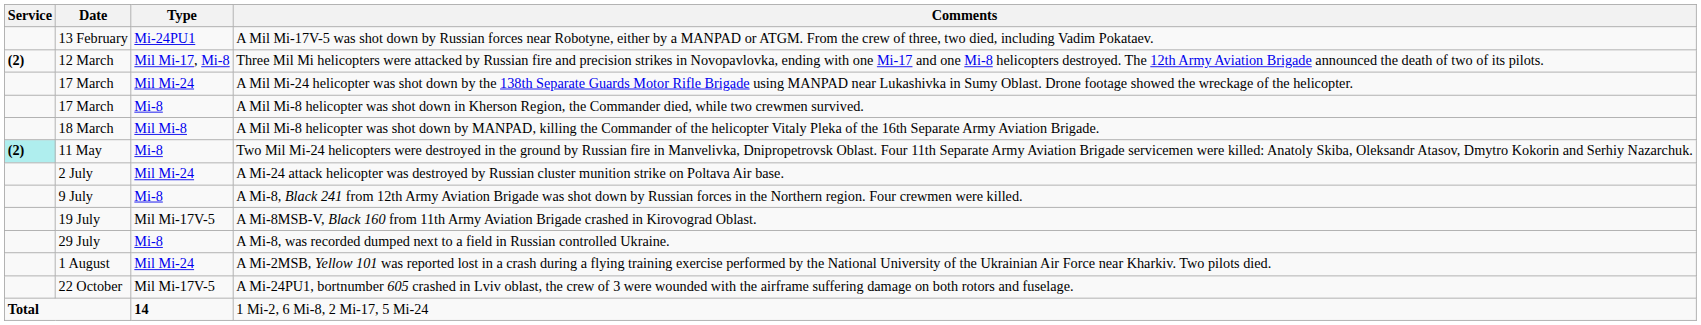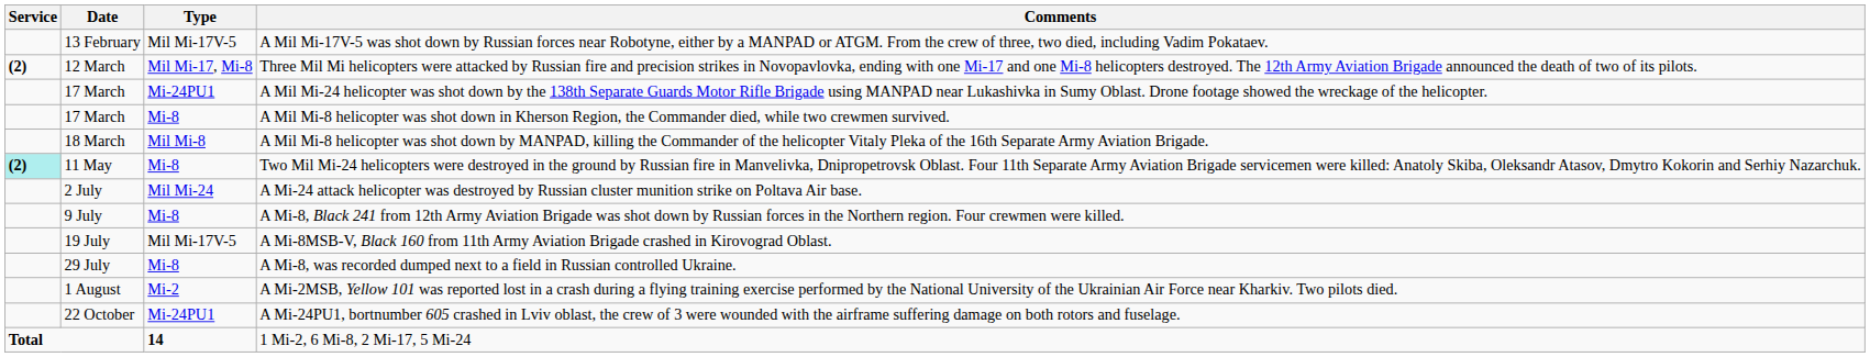 <table class="wikitable">
 <tr>
 <th>Service</th>
 <th>Date</th>
 <th>Type</th>
 <th>Comments</th>
 </tr>
 <tr>
 <td></td>
 <td>13 February</td>
-<td><a href='#'>Mi-24PU1</a></td>
+<td>Mil Mi-17V-5</td>
 <td>A Mil Mi-17V-5 was shot down by Russian forces near Robotyne, either by a MANPAD or ATGM. From the crew of three, two died, including Vadim Pokataev.</td>
 </tr>
 <tr>
 <td> <strong>(2)</strong></td>
 <td>12 March</td>
 <td><a href='#'>Mil Mi-17</a>, <a href='#'>Mi-8</a></td>
 <td>Three Mil Mi helicopters were attacked by Russian fire and precision strikes in Novopavlovka, ending with one <a href='#'>Mi-17</a> and one <a href='#'>Mi-8</a> helicopters destroyed. The <a href='#'>12th Army Aviation Brigade</a> announced the death of two of its pilots.</td>
 </tr>
 <tr>
 <td></td>
 <td>17 March</td>
-<td><a href='#'>Mil Mi-24</a></td>
+<td><a href='#'>Mi-24PU1</a></td>
 <td>A Mil Mi-24 helicopter was shot down by the <a href='#'>138th Separate Guards Motor Rifle Brigade</a> using MANPAD near Lukashivka in Sumy Oblast. Drone footage showed the wreckage of the helicopter.</td>
 </tr>
 <tr>
 <td></td>
 <td>17 March</td>
 <td><a href='#'>Mi-8</a></td>
 <td>A Mil Mi-8 helicopter was shot down in Kherson Region, the Commander died, while two crewmen survived.</td>
 </tr>
 <tr>
 <td></td>
 <td>18 March</td>
 <td><a href='#'>Mil Mi-8</a></td>
 <td>A Mil Mi-8 helicopter was shot down by MANPAD, killing the Commander of the helicopter Vitaly Pleka of the 16th Separate Army Aviation Brigade.</td>
 </tr>
 <tr>
 <td style="background: paleturquoise;"> <strong>(2)</strong></td>
 <td>11 May</td>
 <td><a href='#'>Mi-8</a></td>
 <td>Two Mil Mi-24 helicopters were destroyed in the ground by Russian fire in Manvelivka, Dnipropetrovsk Oblast. Four 11th Separate Army Aviation Brigade servicemen were killed: Anatoly Skiba, Oleksandr Atasov, Dmytro Kokorin and Serhiy Nazarchuk.</td>
 </tr>
 <tr>
 <td></td>
 <td>2 July</td>
 <td><a href='#'>Mil Mi-24</a></td>
 <td>A Mi-24 attack helicopter was destroyed by Russian cluster munition strike on Poltava Air base.</td>
 </tr>
 <tr>
 <td></td>
 <td>9 July</td>
 <td><a href='#'>Mi-8</a></td>
 <td>A Mi-8, <em>Black 241</em> from 12th Army Aviation Brigade was shot down by Russian forces in the Northern region. Four crewmen were killed.</td>
 </tr>
 <tr>
 <td></td>
 <td>19 July</td>
 <td>Mil Mi-17V-5</td>
 <td>A Mi-8MSB-V, <em>Black 160</em> from 11th Army Aviation Brigade crashed in Kirovograd Oblast.</td>
 </tr>
 <tr>
 <td></td>
 <td>29 July</td>
 <td><a href='#'>Mi-8</a></td>
 <td>A Mi-8, was recorded dumped next to a field in Russian controlled Ukraine.</td>
 </tr>
 <tr>
 <td></td>
 <td>1 August</td>
-<td><a href='#'>Mil Mi-24</a></td>
+<td><a href='#'>Mi-2</a></td>
 <td>A Mi-2MSB, <em>Yellow 101</em> was reported lost in a crash during a flying training exercise performed by the National University of the Ukrainian Air Force near Kharkiv. Two pilots died.</td>
 </tr>
 <tr>
 <td></td>
 <td>22 October</td>
-<td>Mil Mi-17V-5</td>
+<td><a href='#'>Mi-24PU1</a></td>
 <td>A Mi-24PU1, bortnumber <em>605</em> crashed in Lviv oblast, the crew of 3 were wounded with the airframe suffering damage on both rotors and fuselage.</td>
 </tr>
 <tr>
 <td colspan="2"><strong>Total</strong></td>
 <td><strong>14</strong></td>
 <td>1 Mi-2, 6 Mi-8, 2 Mi-17, 5 Mi-24</td>
 </tr>
 </table>
